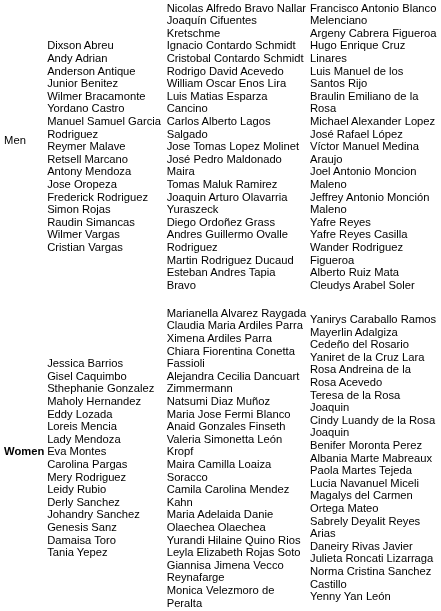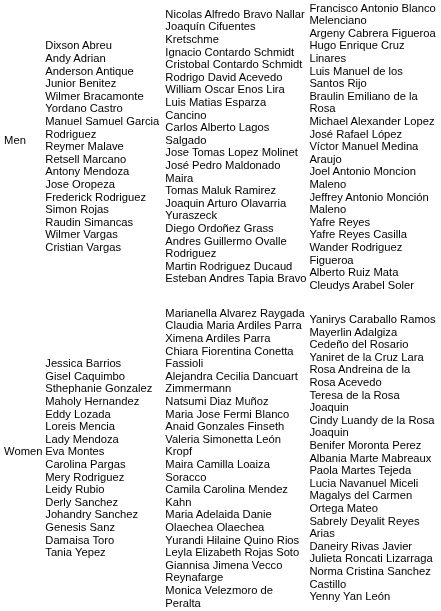 <table>
 <tr>
 <td>Men</td>
 <td><br>Dixson Abreu<br>Andy Adrian<br>Anderson Antique<br>Junior Benitez<br>Wilmer Bracamonte<br>Yordano Castro<br>Manuel Samuel Garcia Rodriguez<br>Reymer Malave<br>Retsell Marcano<br>Antony Mendoza<br>Jose Oropeza<br>Frederick Rodriguez<br>Simon Rojas<br>Raudin Simancas<br>Wilmer Vargas<br>Cristian Vargas</td>
 <td><br>Nicolas Alfredo Bravo Nallar<br>Joaquín Cifuentes Kretschme<br>Ignacio Contardo Schmidt<br>Cristobal Contardo Schmidt<br>Rodrigo David Acevedo<br>William Oscar Enos Lira<br>Luis Matias Esparza Cancino<br>Carlos Alberto Lagos Salgado<br>Jose Tomas Lopez Molinet<br>José Pedro Maldonado Maira<br>Tomas Maluk Ramirez<br>Joaquin Arturo Olavarria Yuraszeck<br>Diego Ordoñez Grass<br>Andres Guillermo Ovalle Rodriguez<br>Martin Rodriguez Ducaud<br>Esteban Andres Tapia Bravo</td>
 <td><br>Francisco Antonio Blanco Melenciano<br>Argeny Cabrera Figueroa<br>Hugo Enrique Cruz Linares<br>Luis Manuel de los Santos Rijo<br>Braulin Emiliano de la Rosa<br>Michael Alexander Lopez<br>José Rafael López<br>Víctor Manuel Medina Araujo<br>Joel Antonio Moncion Maleno<br>Jeffrey Antonio Monción Maleno<br>Yafre Reyes<br>Yafre Reyes Casilla<br>Wander Rodriguez Figueroa<br>Alberto Ruiz Mata<br>Cleudys Arabel Soler</td>
 </tr>
 <tr>
-<td><strong>Women</strong></td>
+<td>Women</td>
 <td><br>Jessica Barrios<br>Gisel Caquimbo<br>Sthephanie Gonzalez<br>Maholy Hernandez<br>Eddy Lozada<br>Loreis Mencia<br>Lady Mendoza<br>Eva Montes<br>Carolina Pargas<br>Mery Rodriguez<br>Leidy Rubio<br>Derly Sanchez<br>Johandry Sanchez<br>Genesis Sanz<br>Damaisa Toro<br>Tania Yepez</td>
 <td><br>Marianella Alvarez Raygada<br>Claudia Maria Ardiles Parra<br>Ximena Ardiles Parra<br>Chiara Fiorentina Conetta Fassioli<br>Alejandra Cecilia Dancuart Zimmermann<br>Natsumi Diaz Muñoz<br>Maria Jose Fermi Blanco<br>Anaid Gonzales Finseth<br>Valeria Simonetta León Kropf<br>Maira Camilla Loaiza Soracco<br>Camila Carolina Mendez Kahn<br>Maria Adelaida Danie Olaechea Olaechea<br>Yurandi Hilaine Quino Rios<br>Leyla Elizabeth Rojas Soto<br>Giannisa Jimena Vecco Reynafarge<br>Monica Velezmoro de Peralta</td>
 <td><br>Yanirys Caraballo Ramos<br>Mayerlin Adalgiza Cedeño del Rosario<br>Yaniret de la Cruz Lara<br>Rosa Andreina de la Rosa Acevedo<br>Teresa de la Rosa Joaquin<br>Cindy Luandy de la Rosa Joaquin<br>Benifer Moronta Perez<br>Albania Marte Mabreaux<br>Paola Martes Tejeda<br>Lucia Navanuel Miceli<br>Magalys del Carmen Ortega Mateo<br>Sabrely Deyalit Reyes Arias<br>Daneiry Rivas Javier<br>Julieta Roncati Lizarraga<br>Norma Cristina Sanchez Castillo<br>Yenny Yan León</td>
 </tr>
 </table>
